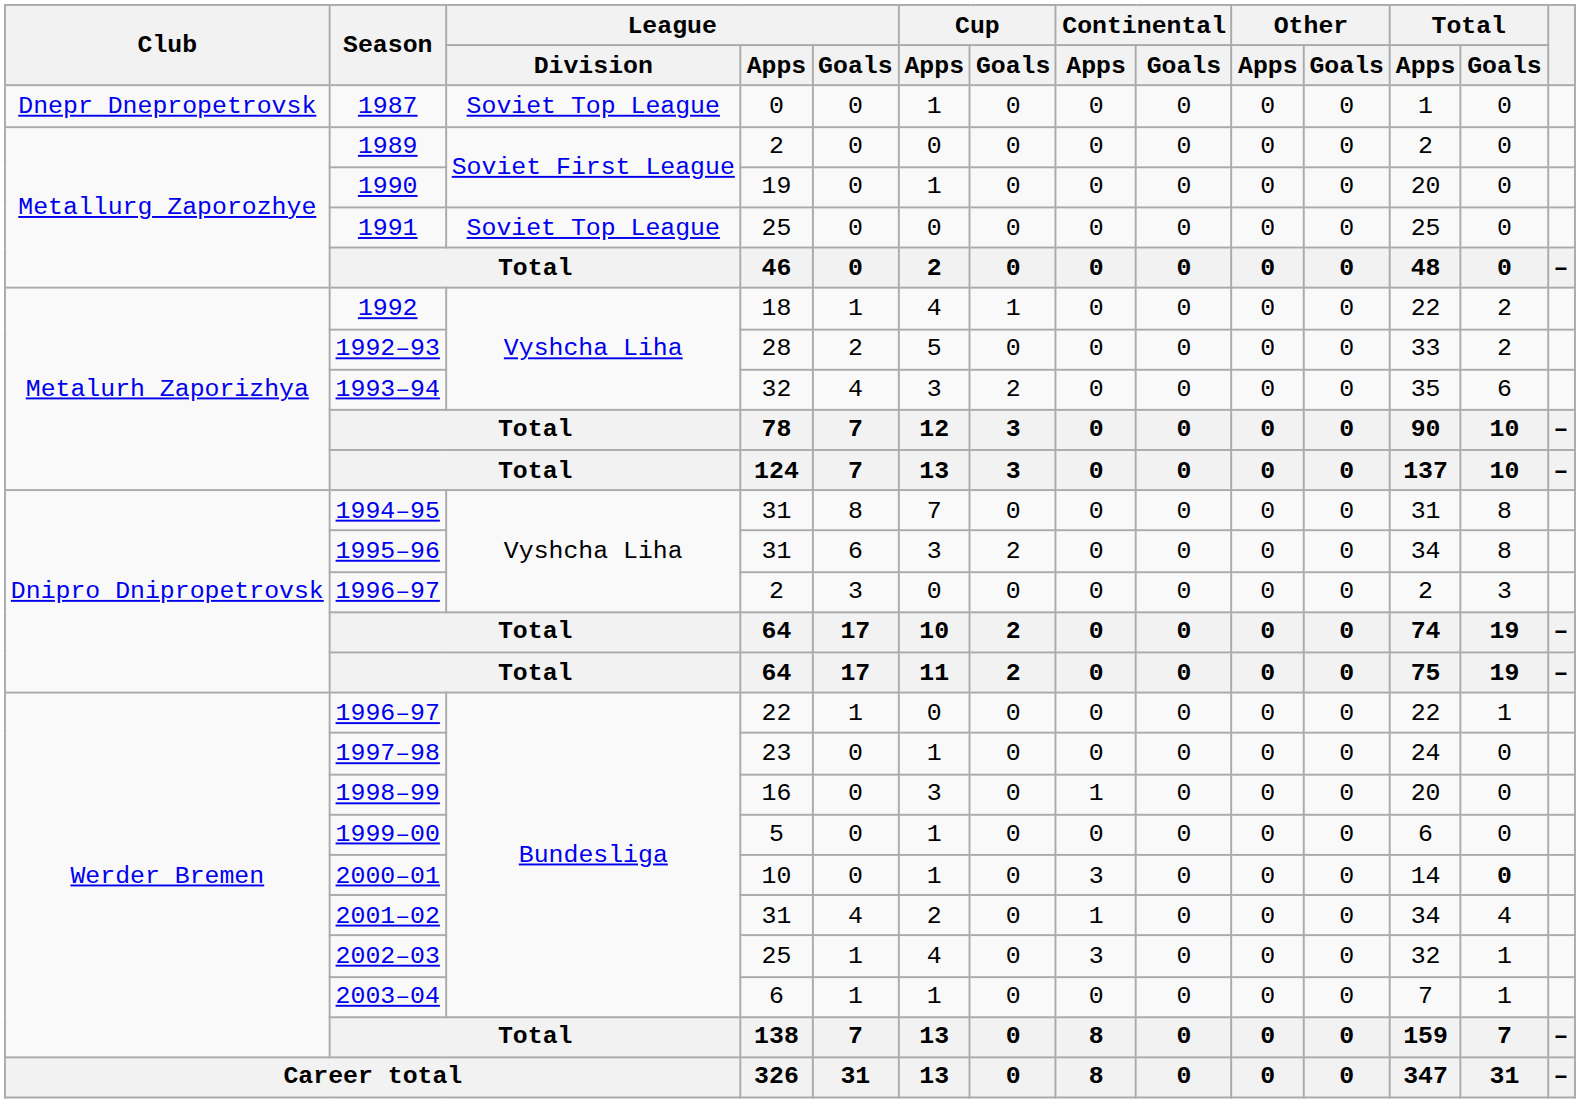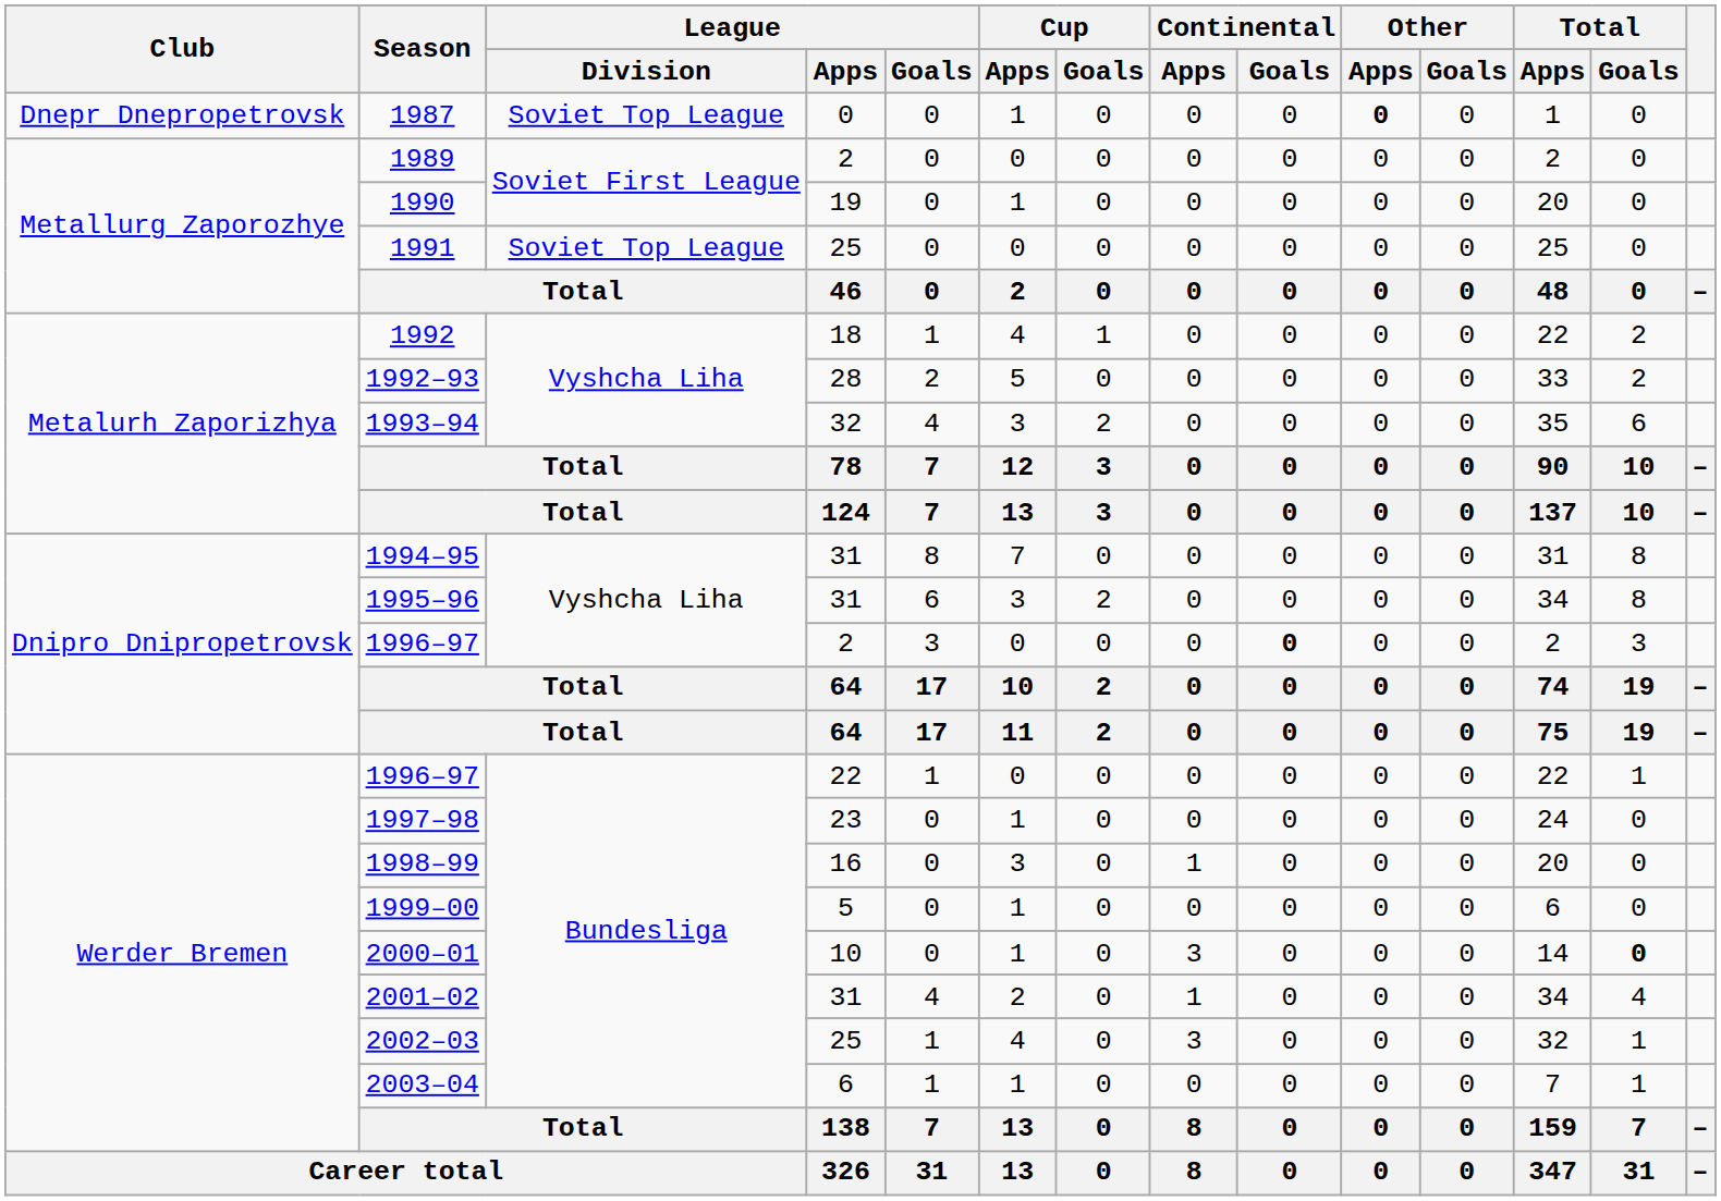 <table class="wikitable" style="text-align: center">
 <tr>
 <th rowspan="2">Club</th>
 <th rowspan="2">Season</th>
 <th colspan="3">League</th>
 <th colspan="2">Cup</th>
 <th colspan="2">Continental</th>
 <th colspan="2">Other</th>
 <th colspan="2">Total</th>
 <th rowspan="2"></th>
 </tr>
 <tr>
 <th>Division</th>
 <th>Apps</th>
 <th>Goals</th>
 <th>Apps</th>
 <th>Goals</th>
 <th>Apps</th>
 <th>Goals</th>
 <th>Apps</th>
 <th>Goals</th>
 <th>Apps</th>
 <th>Goals</th>
 </tr>
 <tr>
 <td rowspan="1"><a href='#'>Dnepr Dnepropetrovsk</a></td>
 <td><a href='#'>1987</a></td>
 <td rowspan="1"><a href='#'>Soviet Top League</a></td>
 <td>0</td>
 <td>0</td>
 <td>1</td>
 <td>0</td>
 <td>0</td>
 <td>0</td>
-<td>0</td>
+<td><strong>0</strong></td>
 <td>0</td>
 <td>1</td>
 <td>0</td>
 <td></td>
 </tr>
 <tr>
 <td rowspan="4"><a href='#'>Metallurg Zaporozhye</a></td>
 <td><a href='#'>1989</a></td>
 <td rowspan="2"><a href='#'>Soviet First League</a></td>
 <td>2</td>
 <td>0</td>
 <td>0</td>
 <td>0</td>
 <td>0</td>
 <td>0</td>
 <td>0</td>
 <td>0</td>
 <td>2</td>
 <td>0</td>
 <td></td>
 </tr>
 <tr>
 <td><a href='#'>1990</a></td>
 <td>19</td>
 <td>0</td>
 <td>1</td>
 <td>0</td>
 <td>0</td>
 <td>0</td>
 <td>0</td>
 <td>0</td>
 <td>20</td>
 <td>0</td>
 <td></td>
 </tr>
 <tr>
 <td><a href='#'>1991</a></td>
 <td><a href='#'>Soviet Top League</a></td>
 <td>25</td>
 <td>0</td>
 <td>0</td>
 <td>0</td>
 <td>0</td>
 <td>0</td>
 <td>0</td>
 <td>0</td>
 <td>25</td>
 <td>0</td>
 <td></td>
 </tr>
 <tr>
 <th colspan="2">Total </th>
 <th>46</th>
 <th>0</th>
 <th>2</th>
 <th>0</th>
 <th>0</th>
 <th>0</th>
 <th>0</th>
 <th>0</th>
 <th>48</th>
 <th>0</th>
 <th>–</th>
 </tr>
 <tr>
 <td rowspan="5"><a href='#'>Metalurh Zaporizhya</a></td>
 <td><a href='#'>1992</a></td>
 <td rowspan="3"><a href='#'>Vyshcha Liha</a></td>
 <td>18</td>
 <td>1</td>
 <td>4</td>
 <td>1</td>
 <td>0</td>
 <td>0</td>
 <td>0</td>
 <td>0</td>
 <td>22</td>
 <td>2</td>
 <td></td>
 </tr>
 <tr>
 <td><a href='#'>1992–93</a></td>
 <td>28</td>
 <td>2</td>
 <td>5</td>
 <td>0</td>
 <td>0</td>
 <td>0</td>
 <td>0</td>
 <td>0</td>
 <td>33</td>
 <td>2</td>
 <td></td>
 </tr>
 <tr>
 <td><a href='#'>1993–94</a></td>
 <td>32</td>
 <td>4</td>
 <td>3</td>
 <td>2</td>
 <td>0</td>
 <td>0</td>
 <td>0</td>
 <td>0</td>
 <td>35</td>
 <td>6</td>
 <td></td>
 </tr>
 <tr>
 <th colspan="2">Total </th>
 <th>78</th>
 <th>7</th>
 <th>12</th>
 <th>3</th>
 <th>0</th>
 <th>0</th>
 <th>0</th>
 <th>0</th>
 <th>90</th>
 <th>10</th>
 <th>–</th>
 </tr>
 <tr>
 <th colspan="2">Total </th>
 <th>124</th>
 <th>7</th>
 <th>13</th>
 <th>3</th>
 <th>0</th>
 <th>0</th>
 <th>0</th>
 <th>0</th>
 <th>137</th>
 <th>10</th>
 <th>–</th>
 </tr>
 <tr>
 <td rowspan="5"><a href='#'>Dnipro Dnipropetrovsk</a></td>
 <td><a href='#'>1994–95</a></td>
 <td rowspan="3">Vyshcha Liha</td>
 <td>31</td>
 <td>8</td>
 <td>7</td>
 <td>0</td>
 <td>0</td>
 <td>0</td>
 <td>0</td>
 <td>0</td>
 <td>31</td>
 <td>8</td>
 <td></td>
 </tr>
 <tr>
 <td><a href='#'>1995–96</a></td>
 <td>31</td>
 <td>6</td>
 <td>3</td>
 <td>2</td>
 <td>0</td>
 <td>0</td>
 <td>0</td>
 <td>0</td>
 <td>34</td>
 <td>8</td>
 <td></td>
 </tr>
 <tr>
 <td><a href='#'>1996–97</a></td>
 <td>2</td>
 <td>3</td>
 <td>0</td>
 <td>0</td>
 <td>0</td>
-<td>0</td>
+<td><strong>0</strong></td>
 <td>0</td>
 <td>0</td>
 <td>2</td>
 <td>3</td>
 <td></td>
 </tr>
 <tr>
 <th colspan="2">Total</th>
 <th>64</th>
 <th>17</th>
 <th>10</th>
 <th>2</th>
 <th>0</th>
 <th>0</th>
 <th>0</th>
 <th>0</th>
 <th>74</th>
 <th>19</th>
 <th>–</th>
 </tr>
 <tr>
 <th colspan="2">Total </th>
 <th>64</th>
 <th>17</th>
 <th>11</th>
 <th>2</th>
 <th>0</th>
 <th>0</th>
 <th>0</th>
 <th>0</th>
 <th>75</th>
 <th>19</th>
 <th>–</th>
 </tr>
 <tr>
 <td rowspan="9"><a href='#'>Werder Bremen</a></td>
 <td><a href='#'>1996–97</a></td>
 <td rowspan="8"><a href='#'>Bundesliga</a></td>
 <td>22</td>
 <td>1</td>
 <td>0</td>
 <td>0</td>
 <td>0</td>
 <td>0</td>
 <td>0</td>
 <td>0</td>
 <td>22</td>
 <td>1</td>
 <td></td>
 </tr>
 <tr>
 <td><a href='#'>1997–98</a></td>
 <td>23</td>
 <td>0</td>
 <td>1</td>
 <td>0</td>
 <td>0</td>
 <td>0</td>
 <td>0</td>
 <td>0</td>
 <td>24</td>
 <td>0</td>
 <td></td>
 </tr>
 <tr>
 <td><a href='#'>1998–99</a></td>
 <td>16</td>
 <td>0</td>
 <td>3</td>
 <td>0</td>
 <td>1</td>
 <td>0</td>
 <td>0</td>
 <td>0</td>
 <td>20</td>
 <td>0</td>
 <td></td>
 </tr>
 <tr>
 <td><a href='#'>1999–00</a></td>
 <td>5</td>
 <td>0</td>
 <td>1</td>
 <td>0</td>
 <td>0</td>
 <td>0</td>
 <td>0</td>
 <td>0</td>
 <td>6</td>
 <td>0</td>
 <td></td>
 </tr>
 <tr>
 <td><a href='#'>2000–01</a></td>
 <td>10</td>
 <td>0</td>
 <td>1</td>
 <td>0</td>
 <td>3</td>
 <td>0</td>
 <td>0</td>
 <td>0</td>
 <td>14</td>
 <td><strong>0</strong></td>
 <td></td>
 </tr>
 <tr>
 <td><a href='#'>2001–02</a></td>
 <td>31</td>
 <td>4</td>
 <td>2</td>
 <td>0</td>
 <td>1</td>
 <td>0</td>
 <td>0</td>
 <td>0</td>
 <td>34</td>
 <td>4</td>
 <td></td>
 </tr>
 <tr>
 <td><a href='#'>2002–03</a></td>
 <td>25</td>
 <td>1</td>
 <td>4</td>
 <td>0</td>
 <td>3</td>
 <td>0</td>
 <td>0</td>
 <td>0</td>
 <td>32</td>
 <td>1</td>
 <td></td>
 </tr>
 <tr>
 <td><a href='#'>2003–04</a></td>
 <td>6</td>
 <td>1</td>
 <td>1</td>
 <td>0</td>
 <td>0</td>
 <td>0</td>
 <td>0</td>
 <td>0</td>
 <td>7</td>
 <td>1</td>
 <td></td>
 </tr>
 <tr>
 <th colspan="2">Total</th>
 <th>138</th>
 <th>7</th>
 <th>13</th>
 <th>0</th>
 <th>8</th>
 <th>0</th>
 <th>0</th>
 <th>0</th>
 <th>159</th>
 <th>7</th>
 <th>–</th>
 </tr>
 <tr>
 <th colspan="3">Career total</th>
 <th>326</th>
 <th>31</th>
 <th>13</th>
 <th>0</th>
 <th>8</th>
 <th>0</th>
 <th>0</th>
 <th>0</th>
 <th>347</th>
 <th>31</th>
 <th>–</th>
 </tr>
 </table>
